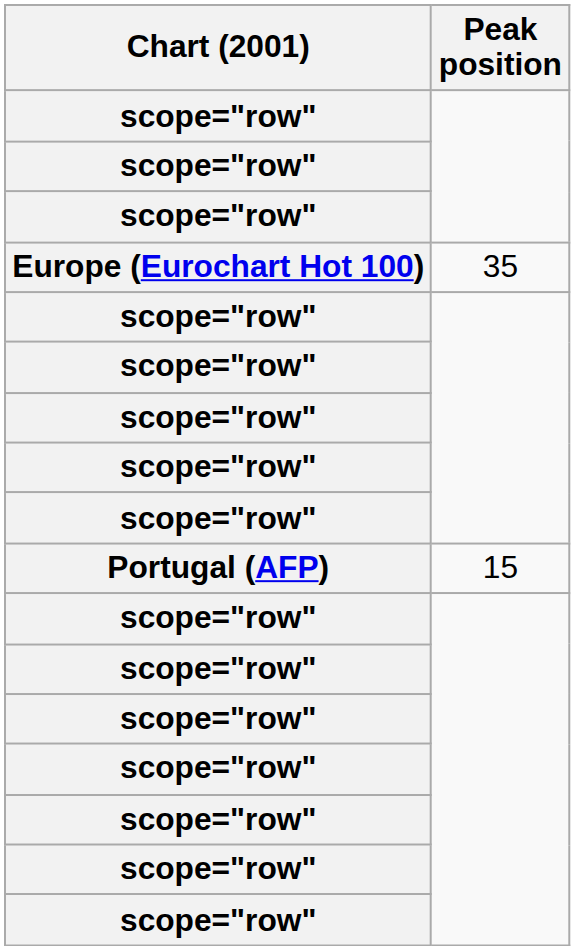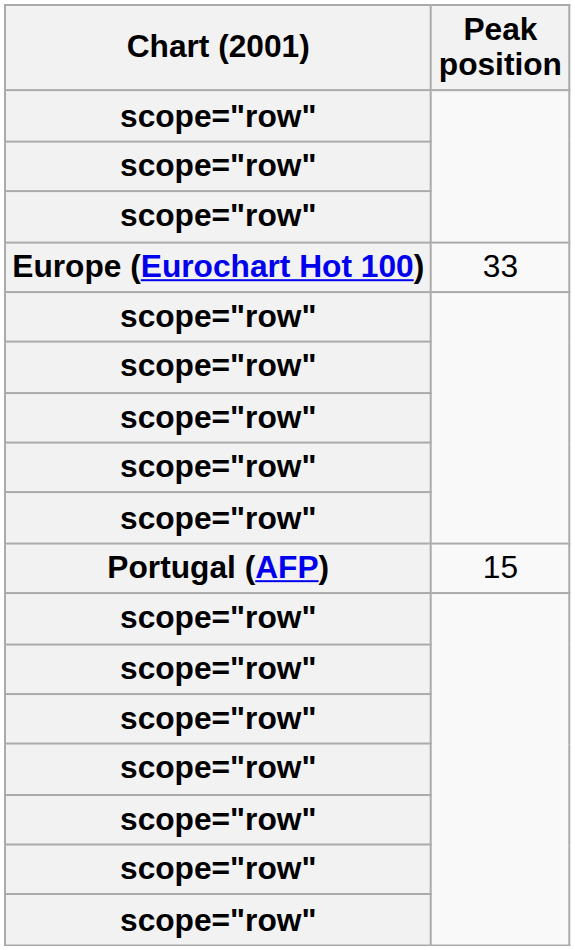 <table class="wikitable sortable plainrowheaders" style="text-align:center">
 <tr>
 <th scope="col">Chart (2001)</th>
 <th scope="col">Peak<br>position</th>
 </tr>
 <tr>
 <th>scope="row"</th>
 </tr>
 <tr>
 <th>scope="row"</th>
 </tr>
 <tr>
 <th>scope="row"</th>
 </tr>
 <tr>
 <th scope="row">Europe (<a href='#'>Eurochart Hot 100</a>)</th>
-<td>35</td>
+<td>33</td>
 </tr>
 <tr>
 <th>scope="row"</th>
 </tr>
 <tr>
 <th>scope="row"</th>
 </tr>
 <tr>
 <th>scope="row"</th>
 </tr>
 <tr>
 <th>scope="row"</th>
 </tr>
 <tr>
 <th>scope="row"</th>
 </tr>
 <tr>
 <th scope="row">Portugal (<a href='#'>AFP</a>)</th>
 <td>15</td>
 </tr>
 <tr>
 <th>scope="row"</th>
 </tr>
 <tr>
 <th>scope="row"</th>
 </tr>
 <tr>
 <th>scope="row"</th>
 </tr>
 <tr>
 <th>scope="row"</th>
 </tr>
 <tr>
 <th>scope="row"</th>
 </tr>
 <tr>
 <th>scope="row"</th>
 </tr>
 <tr>
 <th>scope="row"</th>
 </tr>
 </table>
